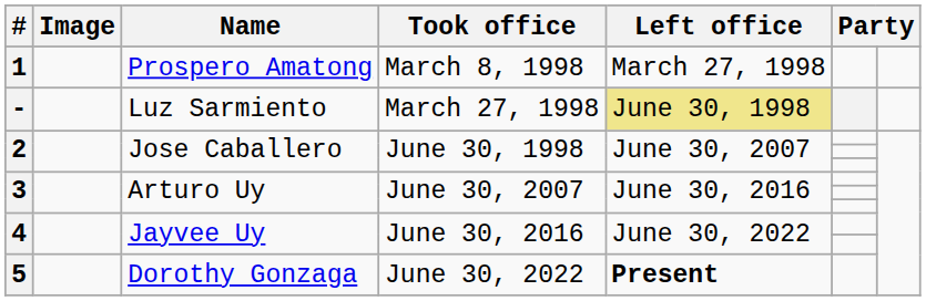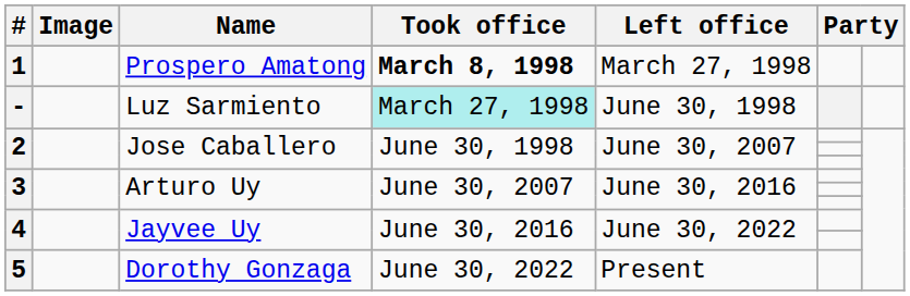 <table class=wikitable>
 <tr>
 <th scope="col">#</th>
 <th scope="col">Image</th>
 <th scope="col">Name</th>
 <th scope="col">Took office</th>
 <th scope="col">Left office</th>
 <th scope="col" colspan=2>Party</th>
 </tr>
 <tr>
 <th scope="row">1</th>
 <td></td>
 <td><a href='#'>Prospero Amatong</a></td>
-<td>March 8, 1998</td>
+<td><strong>March 8, 1998</strong></td>
 <td>March 27, 1998</td>
 <td></td>
 </tr>
 <tr>
 <th>-</th>
 <td></td>
 <td>Luz Sarmiento</td>
-<td>March 27, 1998</td>
-<td style="background: khaki;">June 30, 1998</td>
+<td style="background: paleturquoise;">March 27, 1998</td>
+<td>June 30, 1998</td>
 <th></th>
 <td></td>
 </tr>
 <tr>
 <th rowspan="3">2</th>
 <td rowspan="3"></td>
 <td rowspan="3">Jose Caballero</td>
 <td rowspan="3">June 30, 1998</td>
 <td rowspan="3">June 30, 2007</td>
 <td></td>
 </tr>
 <tr>
 <td></td>
 </tr>
 <tr>
 <td></td>
 </tr>
 <tr>
 <th scope="row" rowspan=3>3</th>
 <td rowspan=3></td>
 <td rowspan=3>Arturo Uy</td>
 <td rowspan=3>June 30, 2007</td>
 <td rowspan=3>June 30, 2016</td>
 <td></td>
 </tr>
 <tr>
 <td></td>
 </tr>
 <tr>
 <td></td>
 </tr>
 <tr>
 <th scope="row" rowspan=2>4</th>
 <td rowspan=2></td>
 <td rowspan=2><a href='#'>Jayvee Uy</a></td>
 <td rowspan=2>June 30, 2016</td>
 <td rowspan=2>June 30, 2022</td>
 <td></td>
 </tr>
 <tr>
 <td></td>
 </tr>
 <tr>
 <th scope="row">5</th>
 <td></td>
 <td><a href='#'>Dorothy Gonzaga</a></td>
 <td>June 30, 2022</td>
-<td><strong>Present</strong></td>
+<td>Present</td>
 <td></td>
 </tr>
 </table>
